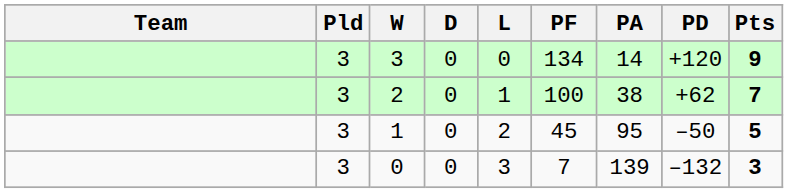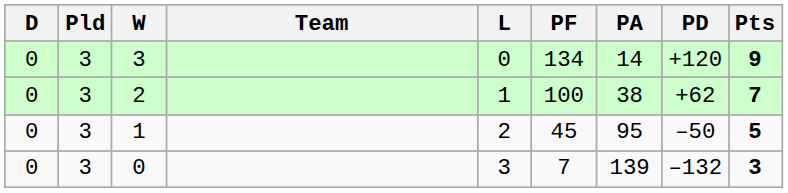 <table class="wikitable" style="text-align:center;">
 <tr>
-<th width=175>Team</th>
+<th width=25 abbr="Drawn">D</th>
 <th width=25 abbr="Played">Pld</th>
 <th width=25 abbr="Won">W</th>
-<th width=25 abbr="Drawn">D</th>
+<th width=175>Team</th>
 <th width=25 abbr="Lost">L</th>
 <th width=32 abbr="Points for">PF</th>
 <th width=32 abbr="Points against">PA</th>
 <th width=32 abbr="Points difference">PD</th>
 <th width=25 abbr="Points">Pts</th>
 </tr>
 <tr bgcolor=ccffcc>
-<td align=left></td>
+<td>0</td>
 <td>3</td>
 <td>3</td>
-<td>0</td>
+<td align=left></td>
 <td>0</td>
 <td>134</td>
 <td>14</td>
 <td>+120</td>
 <td><strong>9</strong></td>
 </tr>
 <tr bgcolor=ccffcc>
-<td align=left></td>
+<td>0</td>
 <td>3</td>
 <td>2</td>
-<td>0</td>
+<td align=left></td>
 <td>1</td>
 <td>100</td>
 <td>38</td>
 <td>+62</td>
 <td><strong>7</strong></td>
 </tr>
 <tr>
-<td align=left></td>
+<td>0</td>
 <td>3</td>
 <td>1</td>
-<td>0</td>
+<td align=left></td>
 <td>2</td>
 <td>45</td>
 <td>95</td>
 <td>–50</td>
 <td><strong>5</strong></td>
 </tr>
 <tr>
-<td align=left></td>
+<td>0</td>
 <td>3</td>
 <td>0</td>
-<td>0</td>
+<td align=left></td>
 <td>3</td>
 <td>7</td>
 <td>139</td>
 <td>–132</td>
 <td><strong>3</strong></td>
 </tr>
 </table>
